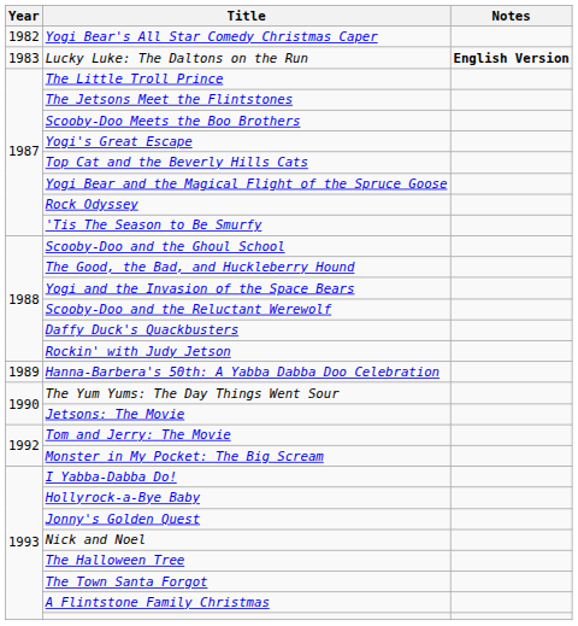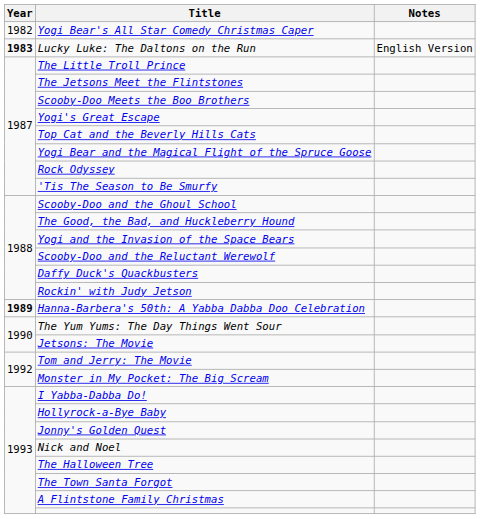 <table class = "wikitable sortable">
 <tr>
 <th>Year</th>
 <th>Title</th>
 <th>Notes</th>
 </tr>
 <tr>
 <td>1982</td>
 <td><em><a href='#'>Yogi Bear's All Star Comedy Christmas Caper</a></em></td>
 <td></td>
 </tr>
 <tr>
-<td>1983</td>
+<td><strong>1983</strong></td>
 <td><em>Lucky Luke: The Daltons on the Run</em></td>
-<td><strong>English Version</strong></td>
+<td>English Version</td>
 </tr>
 <tr>
 <td rowspan="8">1987</td>
 <td><em><a href='#'>The Little Troll Prince</a></em></td>
 <td></td>
 </tr>
 <tr>
 <td><em><a href='#'>The Jetsons Meet the Flintstones</a></em></td>
 <td></td>
 </tr>
 <tr>
 <td><em><a href='#'>Scooby-Doo Meets the Boo Brothers</a></em></td>
 <td></td>
 </tr>
 <tr>
 <td><em><a href='#'>Yogi's Great Escape</a></em></td>
 <td></td>
 </tr>
 <tr>
 <td><em><a href='#'>Top Cat and the Beverly Hills Cats</a></em></td>
 <td></td>
 </tr>
 <tr>
 <td><em><a href='#'>Yogi Bear and the Magical Flight of the Spruce Goose</a></em></td>
 <td></td>
 </tr>
 <tr>
 <td><em><a href='#'>Rock Odyssey</a></em></td>
 <td></td>
 </tr>
 <tr>
 <td><em><a href='#'>'Tis The Season to Be Smurfy</a></em></td>
 <td></td>
 </tr>
 <tr>
 <td rowspan="6">1988</td>
 <td><em><a href='#'>Scooby-Doo and the Ghoul School</a></em></td>
 <td></td>
 </tr>
 <tr>
 <td><em><a href='#'>The Good, the Bad, and Huckleberry Hound</a></em></td>
 <td></td>
 </tr>
 <tr>
 <td><em><a href='#'>Yogi and the Invasion of the Space Bears</a></em></td>
 <td></td>
 </tr>
 <tr>
 <td><em><a href='#'>Scooby-Doo and the Reluctant Werewolf</a></em></td>
 <td></td>
 </tr>
 <tr>
 <td><em><a href='#'>Daffy Duck's Quackbusters</a></em></td>
 <td></td>
 </tr>
 <tr>
 <td><em><a href='#'>Rockin' with Judy Jetson</a></em></td>
 <td></td>
 </tr>
 <tr>
-<td>1989</td>
+<td><strong>1989</strong></td>
 <td><em><a href='#'>Hanna-Barbera's 50th: A Yabba Dabba Doo Celebration</a></em></td>
 <td></td>
 </tr>
 <tr>
 <td rowspan="2">1990</td>
 <td><em>The Yum Yums: The Day Things Went Sour</em></td>
 <td></td>
 </tr>
 <tr>
 <td><em><a href='#'>Jetsons: The Movie</a></em></td>
 <td></td>
 </tr>
 <tr>
 <td rowspan="2">1992</td>
 <td><em><a href='#'>Tom and Jerry: The Movie</a></em></td>
 <td></td>
 </tr>
 <tr>
 <td><em><a href='#'>Monster in My Pocket: The Big Scream</a></em></td>
 <td></td>
 </tr>
 <tr>
 <td rowspan="8">1993</td>
 <td><em><a href='#'>I Yabba-Dabba Do!</a></em></td>
 <td></td>
 </tr>
 <tr>
 <td><em><a href='#'>Hollyrock-a-Bye Baby</a></em></td>
 <td></td>
 </tr>
 <tr>
 <td><em><a href='#'>Jonny's Golden Quest</a></em></td>
 <td></td>
 </tr>
 <tr>
 <td><em>Nick and Noel</em></td>
 <td></td>
 </tr>
 <tr>
 <td><em><a href='#'>The Halloween Tree</a></em></td>
 <td></td>
 </tr>
 <tr>
 <td><em><a href='#'>The Town Santa Forgot</a></em></td>
 <td></td>
 </tr>
 <tr>
 <td><em><a href='#'>A Flintstone Family Christmas</a></em></td>
 <td></td>
 </tr>
 <tr>
 <td></td>
 </tr>
 </table>
